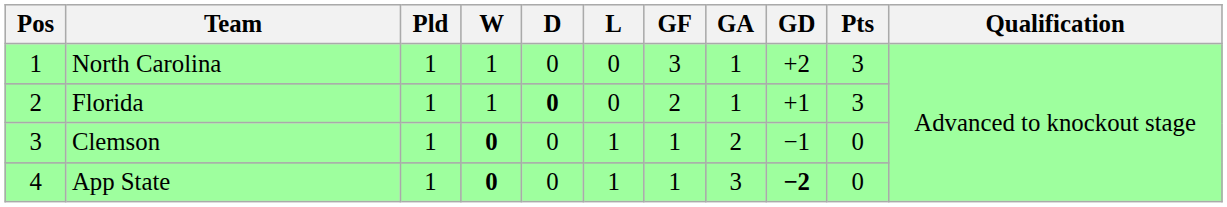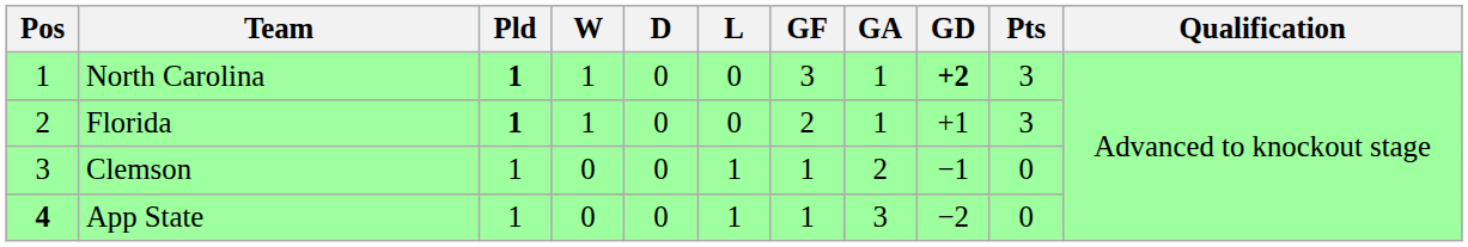 <table class="wikitable" style="text-align:center; margin: 1em auto">
 <tr>
 <th style="width:2em">Pos</th>
 <th style="width:13em">Team</th>
 <th style="width:2em">Pld</th>
 <th style="width:2em">W</th>
 <th style="width:2em">D</th>
 <th style="width:2em">L</th>
 <th style="width:2em">GF</th>
 <th style="width:2em">GA</th>
 <th style="width:2em">GD</th>
 <th style="width:2em">Pts</th>
 <th style="width:13em">Qualification</th>
 </tr>
 <tr bgcolor="#9eff9e">
 <td>1</td>
 <td style="text-align:left">North Carolina</td>
-<td>1</td>
+<td><strong>1</strong></td>
 <td>1</td>
 <td>0</td>
 <td>0</td>
 <td>3</td>
 <td>1</td>
-<td>+2</td>
+<td><strong>+2</strong></td>
 <td>3</td>
 <td rowspan="4">Advanced to knockout stage</td>
 </tr>
 <tr bgcolor="#9eff9e">
 <td>2</td>
 <td style="text-align:left">Florida</td>
+<td><strong>1</strong></td>
 <td>1</td>
-<td>1</td>
-<td><strong>0</strong></td>
+<td>0</td>
 <td>0</td>
 <td>2</td>
 <td>1</td>
 <td>+1</td>
 <td>3</td>
 </tr>
 <tr bgcolor="#9eff9e">
 <td>3</td>
 <td style="text-align:left">Clemson</td>
 <td>1</td>
-<td><strong>0</strong></td>
+<td>0</td>
 <td>0</td>
 <td>1</td>
 <td>1</td>
 <td>2</td>
 <td>−1</td>
 <td>0</td>
 </tr>
 <tr bgcolor="#9eff9e">
-<td>4</td>
+<td><strong>4</strong></td>
 <td style="text-align:left">App State</td>
 <td>1</td>
-<td><strong>0</strong></td>
+<td>0</td>
 <td>0</td>
 <td>1</td>
 <td>1</td>
 <td>3</td>
-<td><strong>−2</strong></td>
+<td>−2</td>
 <td>0</td>
 </tr>
 </table>
